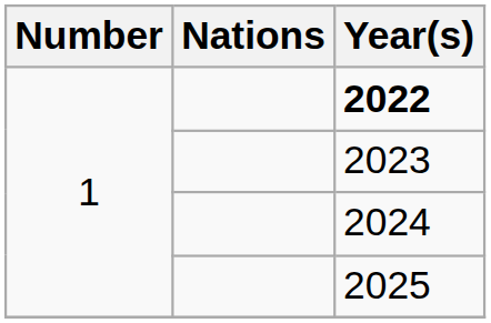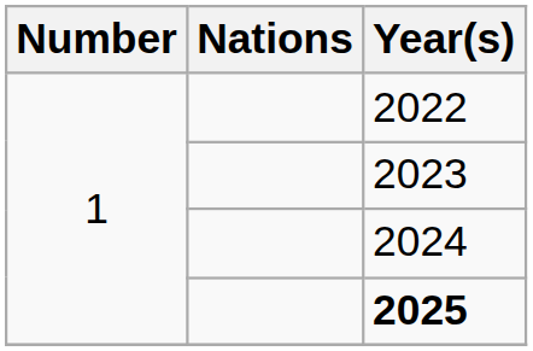 <table class="wikitable">
 <tr>
 <th>Number</th>
 <th>Nations</th>
 <th>Year(s)</th>
 </tr>
 <tr>
 <td rowspan="4" align="center">1</td>
 <td></td>
-<td><strong>2022</strong></td>
+<td>2022</td>
 </tr>
 <tr>
 <td></td>
 <td>2023</td>
 </tr>
 <tr>
 <td></td>
 <td>2024</td>
 </tr>
 <tr>
 <td></td>
-<td>2025</td>
+<td><strong>2025</strong></td>
 </tr>
 <tr>
 </tr>
 </table>
